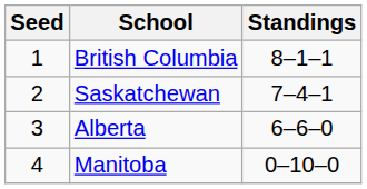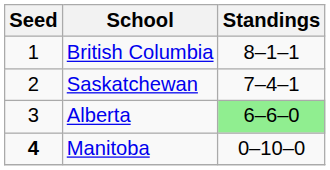 <table class="wikitable">
 <tr>
 <th>Seed</th>
 <th>School</th>
 <th>Standings</th>
 </tr>
 <tr>
 <td align=center>1</td>
 <td><a href='#'>British Columbia</a></td>
 <td align=center>8–1–1</td>
 </tr>
 <tr>
 <td align=center>2</td>
 <td><a href='#'>Saskatchewan</a></td>
 <td align=center>7–4–1</td>
 </tr>
 <tr>
 <td align=center>3</td>
 <td><a href='#'>Alberta</a></td>
-<td align=center>6–6–0</td>
+<td align=center style="background: lightgreen;">6–6–0</td>
 </tr>
 <tr>
-<td align=center>4</td>
+<td align=center><strong>4</strong></td>
 <td><a href='#'>Manitoba</a></td>
 <td align=center>0–10–0</td>
 </tr>
 <tr>
 </tr>
 </table>
